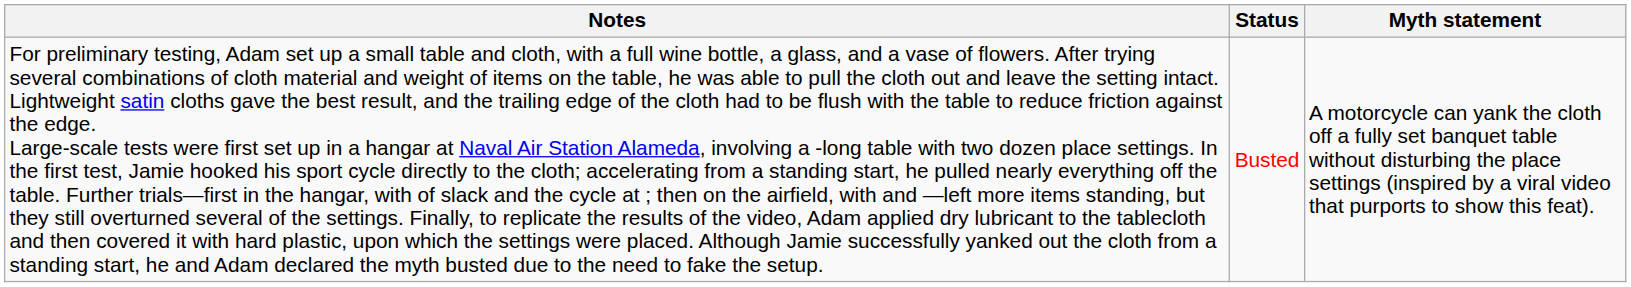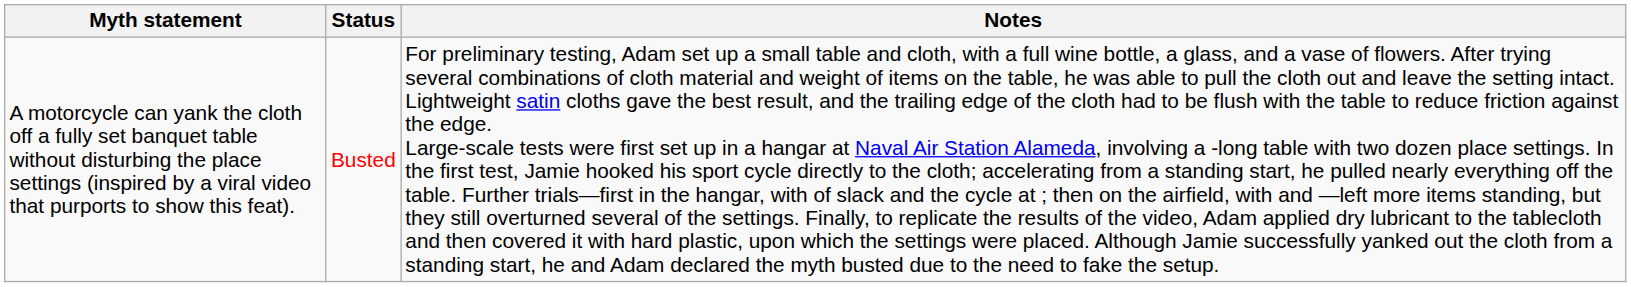 <table class="wikitable plainrowheaders">
 <tr>
+<th>Myth statement</th>
+<th>Status</th>
 <th>Notes</th>
-<th>Status</th>
-<th>Myth statement</th>
 </tr>
 <tr>
+<td>A motorcycle can yank the cloth off a fully set banquet table without disturbing the place settings (inspired by a viral video that purports to show this feat).</td>
+<td style="color:red">Busted</td>
 <td>For preliminary testing, Adam set up a small table and cloth, with a full wine bottle, a glass, and a vase of flowers. After trying several combinations of cloth material and weight of items on the table, he was able to pull the cloth out and leave the setting intact. Lightweight <a href='#'>satin</a> cloths gave the best result, and the trailing edge of the cloth had to be flush with the table to reduce friction against the edge.<br>Large-scale tests were first set up in a hangar at <a href='#'>Naval Air Station Alameda</a>, involving a -long table with two dozen place settings. In the first test, Jamie hooked his sport cycle directly to the cloth; accelerating from a standing start, he pulled nearly everything off the table. Further trials—first in the hangar, with  of slack and the cycle at ; then on the airfield, with  and —left more items standing, but they still overturned several of the settings. Finally, to replicate the results of the video, Adam applied dry lubricant to the tablecloth and then covered it with hard plastic, upon which the settings were placed. Although Jamie successfully yanked out the cloth from a standing start, he and Adam declared the myth busted due to the need to fake the setup.</td>
-<td style="color:red">Busted</td>
-<td>A motorcycle can yank the cloth off a fully set banquet table without disturbing the place settings (inspired by a viral video that purports to show this feat).</td>
 </tr>
 </table>
